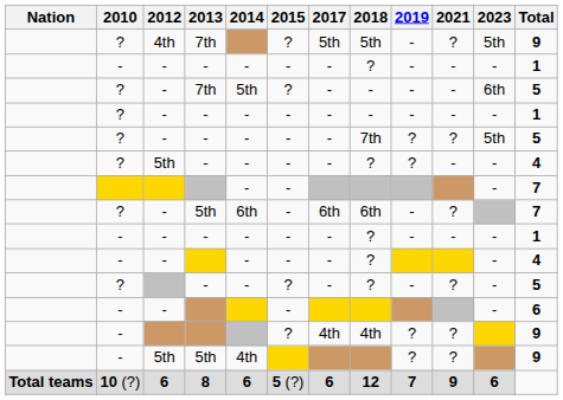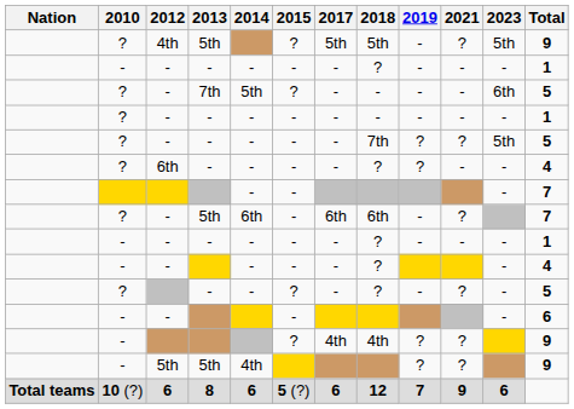 <table class="wikitable sortable" style="text-align:center">
 <tr>
 <th>Nation</th>
 <th>2010<br></th>
 <th>2012<br></th>
 <th>2013<br></th>
 <th>2014<br></th>
 <th>2015<br></th>
 <th>2017<br></th>
 <th>2018<br></th>
 <th><a href='#'>2019</a><br></th>
 <th>2021<br></th>
 <th>2023<br></th>
 <th>Total</th>
 </tr>
 <tr>
 <td align=left></td>
 <td>?</td>
 <td>4th</td>
-<td>7th</td>
+<td>5th</td>
 <td bgcolor=cc9966></td>
 <td>?</td>
 <td>5th</td>
 <td>5th</td>
 <td>-</td>
 <td>?</td>
 <td>5th</td>
 <td><strong>9</strong></td>
 </tr>
 <tr>
 <td align=left></td>
 <td>-</td>
 <td>-</td>
 <td>-</td>
 <td>-</td>
 <td>-</td>
 <td>-</td>
 <td>?</td>
 <td>-</td>
 <td>-</td>
 <td>-</td>
 <td><strong>1</strong></td>
 </tr>
 <tr>
 <td align=left></td>
 <td>?</td>
 <td>-</td>
 <td>7th</td>
 <td>5th</td>
 <td>?</td>
 <td>-</td>
 <td>-</td>
 <td>-</td>
 <td>-</td>
 <td>6th</td>
 <td><strong>5</strong></td>
 </tr>
 <tr>
 <td align=left></td>
 <td>?</td>
 <td>-</td>
 <td>-</td>
 <td>-</td>
 <td>-</td>
 <td>-</td>
 <td>-</td>
 <td>-</td>
 <td>-</td>
 <td>-</td>
 <td><strong>1</strong></td>
 </tr>
 <tr>
 <td align=left></td>
 <td>?</td>
 <td>-</td>
 <td>-</td>
 <td>-</td>
 <td>-</td>
 <td>-</td>
 <td>7th</td>
 <td>?</td>
 <td>?</td>
 <td>5th</td>
 <td><strong>5</strong></td>
 </tr>
 <tr>
 <td align=left></td>
 <td>?</td>
-<td>5th</td>
+<td>6th</td>
 <td>-</td>
 <td>-</td>
 <td>-</td>
 <td>-</td>
 <td>?</td>
 <td>?</td>
 <td>-</td>
 <td>-</td>
 <td><strong>4</strong></td>
 </tr>
 <tr>
 <td align=left></td>
 <td bgcolor=gold></td>
 <td bgcolor=gold></td>
 <td bgcolor=silver></td>
 <td>-</td>
 <td>-</td>
 <td bgcolor=silver></td>
 <td bgcolor=silver></td>
 <td bgcolor=silver></td>
 <td bgcolor=cc9966></td>
 <td>-</td>
 <td><strong>7</strong></td>
 </tr>
 <tr>
 <td align=left></td>
 <td>?</td>
 <td>-</td>
 <td>5th</td>
 <td>6th</td>
 <td>-</td>
 <td>6th</td>
 <td>6th</td>
 <td>-</td>
 <td>?</td>
 <td bgcolor=silver></td>
 <td><strong>7</strong></td>
 </tr>
 <tr>
 <td align=left></td>
 <td>-</td>
 <td>-</td>
 <td>-</td>
 <td>-</td>
 <td>-</td>
 <td>-</td>
 <td>?</td>
 <td>-</td>
 <td>-</td>
 <td>-</td>
 <td><strong>1</strong></td>
 </tr>
 <tr>
 <td align=left></td>
 <td>-</td>
 <td>-</td>
 <td bgcolor=gold></td>
 <td>-</td>
 <td>-</td>
 <td>-</td>
 <td>?</td>
 <td bgcolor=gold></td>
 <td bgcolor=gold></td>
 <td>-</td>
 <td><strong>4</strong></td>
 </tr>
 <tr>
 <td align=left></td>
 <td>?</td>
 <td bgcolor=silver></td>
 <td>-</td>
 <td>-</td>
 <td>?</td>
 <td>-</td>
 <td>?</td>
 <td>-</td>
 <td>?</td>
 <td>-</td>
 <td><strong>5</strong></td>
 </tr>
 <tr>
 <td align=left></td>
 <td>-</td>
 <td>-</td>
 <td bgcolor=cc9966></td>
 <td bgcolor=gold></td>
 <td>-</td>
 <td bgcolor=gold></td>
 <td bgcolor=gold></td>
 <td bgcolor=cc9966></td>
 <td bgcolor=silver></td>
 <td>-</td>
 <td><strong>6</strong></td>
 </tr>
 <tr>
 <td align=left></td>
 <td>-</td>
 <td bgcolor=cc9966></td>
 <td bgcolor=cc9966></td>
 <td bgcolor=silver></td>
 <td>?</td>
 <td>4th</td>
 <td>4th</td>
 <td>?</td>
 <td>?</td>
 <td bgcolor=gold></td>
 <td><strong>9</strong></td>
 </tr>
 <tr>
 <td align=left></td>
 <td>-</td>
 <td>5th</td>
 <td>5th</td>
 <td>4th</td>
 <td bgcolor=gold></td>
 <td bgcolor=cc9966></td>
 <td bgcolor=cc9966></td>
 <td>?</td>
 <td>?</td>
 <td bgcolor=cc9966></td>
 <td><strong>9</strong></td>
 </tr>
 <tr style="background:#ddd" class="unsortable">
 <td align=left><strong>Total teams</strong></td>
 <td><strong>10</strong> (?)</td>
 <td><strong>6</strong></td>
 <td><strong>8</strong></td>
 <td><strong>6</strong></td>
 <td><strong>5</strong> (?)</td>
 <td><strong>6</strong></td>
 <td><strong>12</strong></td>
 <td><strong>7</strong></td>
 <td><strong>9</strong></td>
 <td><strong>6</strong></td>
 </tr>
 </table>
